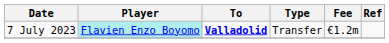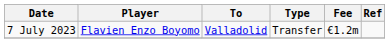 <table class="wikitable">
 <tr>
 <th>Date</th>
 <th>Player</th>
 <th>To</th>
 <th>Type</th>
 <th>Fee</th>
 <th>Ref</th>
 </tr>
 <tr>
 <td>7 July 2023</td>
-<td style="background: paleturquoise;"> <a href='#'>Flavien Enzo Boyomo</a></td>
-<td><strong><a href='#'>Valladolid</a></strong></td>
+<td> <a href='#'>Flavien Enzo Boyomo</a></td>
+<td><a href='#'>Valladolid</a></td>
 <td>Transfer</td>
 <td>€1.2m</td>
 <td></td>
 </tr>
 <tr>
 </tr>
 </table>
